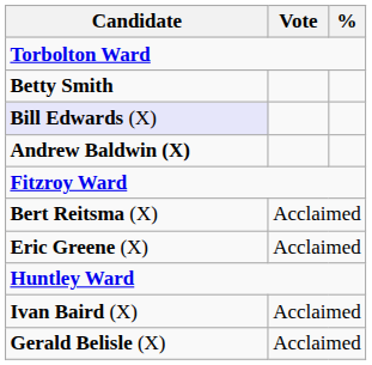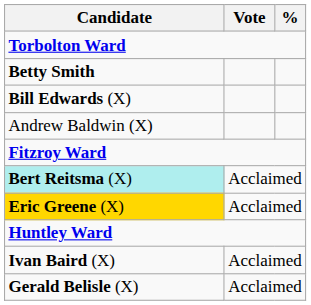 <table class="wikitable">
 <tr>
 <th bgcolor="#DDDDFF" width="200px">Candidate</th>
 <th bgcolor="#DDDDFF">Vote</th>
 <th bgcolor="#DDDDFF">%</th>
 </tr>
 <tr>
 <td colspan="4"><strong><a href='#'>Torbolton Ward</a></strong></td>
 </tr>
 <tr>
 <td><strong>Betty Smith</strong></td>
 <td></td>
 <td></td>
 </tr>
 <tr>
-<td style="background: lavender;"><strong>Bill Edwards</strong> (X)</td>
+<td><strong>Bill Edwards</strong> (X)</td>
 <td></td>
 <td></td>
 </tr>
 <tr>
-<td><strong>Andrew Baldwin (X)</strong></td>
+<td>Andrew Baldwin (X)</td>
 <td></td>
 <td></td>
 </tr>
 <tr>
 <td colspan="4"><strong><a href='#'>Fitzroy Ward</a></strong></td>
 </tr>
 <tr>
-<td><strong>Bert Reitsma</strong> (X)</td>
+<td style="background: paleturquoise;"><strong>Bert Reitsma</strong> (X)</td>
 <td colspan="2">Acclaimed</td>
 </tr>
 <tr>
-<td><strong>Eric Greene</strong> (X)</td>
+<td style="background: gold;"><strong>Eric Greene</strong> (X)</td>
 <td colspan="2">Acclaimed</td>
 </tr>
 <tr>
 <td colspan="4"><strong><a href='#'>Huntley Ward</a></strong></td>
 </tr>
 <tr>
 <td><strong>Ivan Baird</strong> (X)</td>
 <td colspan="2">Acclaimed</td>
 </tr>
 <tr>
 <td><strong>Gerald Belisle</strong> (X)</td>
 <td colspan="2">Acclaimed</td>
 </tr>
 </table>
